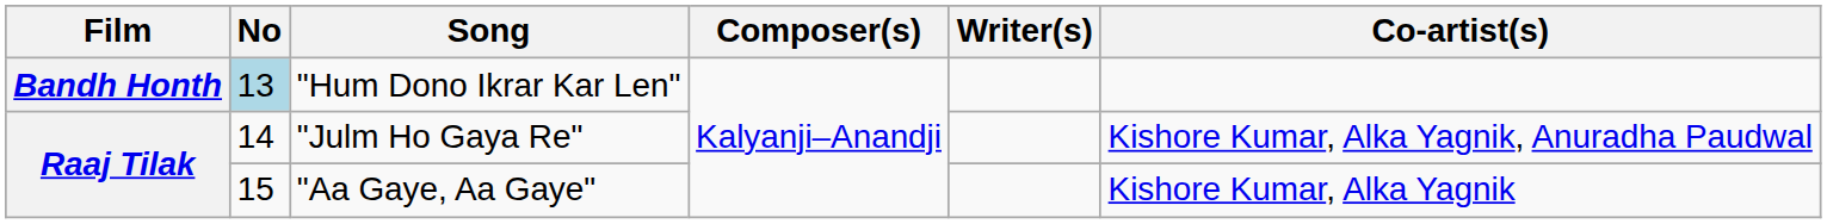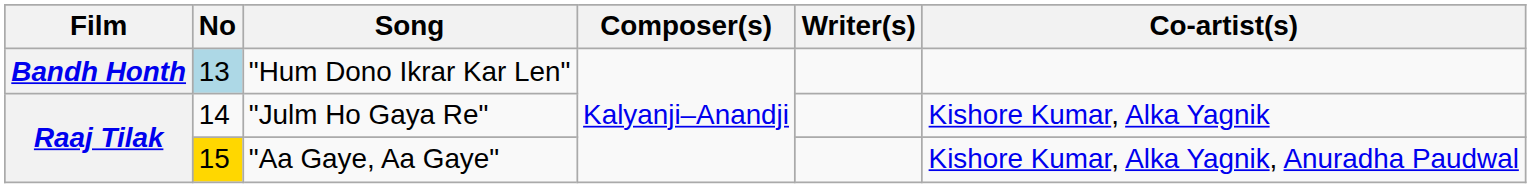 <table class="wikitable">
 <tr>
 <th>Film</th>
 <th><strong>No</strong></th>
 <th>Song</th>
 <th>Composer(s)</th>
 <th>Writer(s)</th>
 <th>Co-artist(s)</th>
 </tr>
 <tr>
 <th><a href='#'><em>Bandh Honth</em></a></th>
 <td style="background: lightblue;">13</td>
 <td>"Hum Dono Ikrar Kar Len"</td>
 <td rowspan="3"><a href='#'>Kalyanji–Anandji</a></td>
 <td></td>
 <td></td>
 </tr>
 <tr>
 <th rowspan="2"><em><a href='#'>Raaj Tilak</a></em></th>
 <td>14</td>
 <td>"Julm Ho Gaya Re"</td>
 <td></td>
+<td><a href='#'>Kishore Kumar</a>, <a href='#'>Alka Yagnik</a></td>
+</tr>
+<tr>
+<td style="background: gold;">15</td>
+<td>"Aa Gaye, Aa Gaye"</td>
+<td></td>
 <td><a href='#'>Kishore Kumar</a>, <a href='#'>Alka Yagnik</a>, <a href='#'>Anuradha Paudwal</a></td>
 </tr>
-<tr>
-<td>15</td>
-<td>"Aa Gaye, Aa Gaye"</td>
-<td></td>
-<td><a href='#'>Kishore Kumar</a>, <a href='#'>Alka Yagnik</a></td>
-</tr>
 </table>
